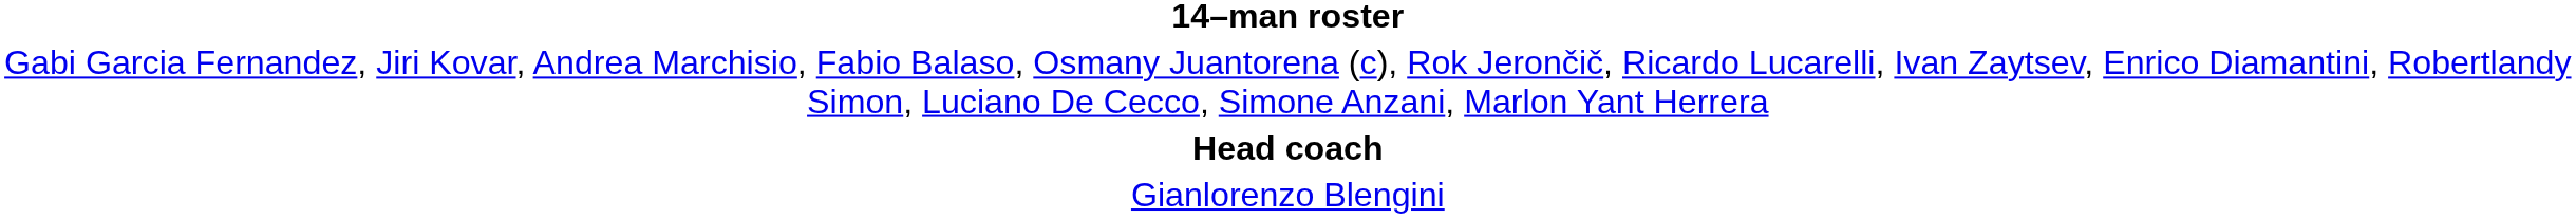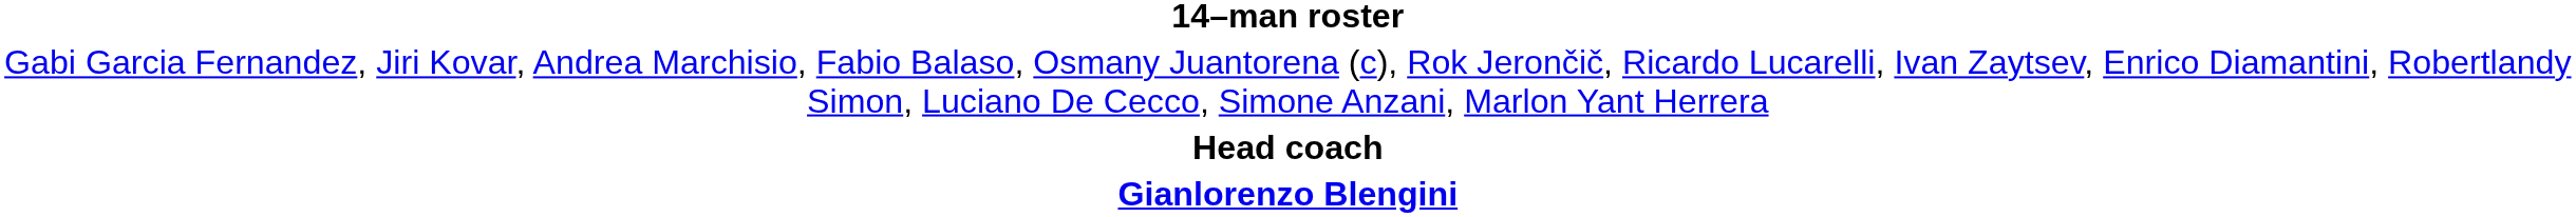 <table style="text-align: center; margin-top: 2em; margin-left: auto; margin-right: auto">
 <tr>
 <td><strong>14–man roster</strong></td>
 </tr>
 <tr>
 <td><a href='#'>Gabi Garcia Fernandez</a>, <a href='#'>Jiri Kovar</a>, <a href='#'>Andrea Marchisio</a>, <a href='#'>Fabio Balaso</a>, <a href='#'>Osmany Juantorena</a> (<a href='#'>c</a>), <a href='#'>Rok Jerončič</a>, <a href='#'>Ricardo Lucarelli</a>, <a href='#'>Ivan Zaytsev</a>, <a href='#'>Enrico Diamantini</a>, <a href='#'>Robertlandy Simon</a>, <a href='#'>Luciano De Cecco</a>, <a href='#'>Simone Anzani</a>, <a href='#'>Marlon Yant Herrera</a></td>
 </tr>
 <tr>
 <td><strong>Head coach</strong></td>
 </tr>
 <tr>
-<td><a href='#'>Gianlorenzo Blengini</a></td>
+<td><strong><a href='#'>Gianlorenzo Blengini</a></strong></td>
 </tr>
 </table>
